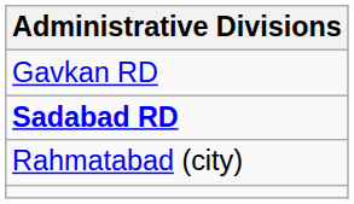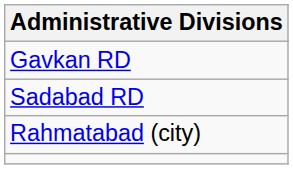 <table class="wikitable">
 <tr>
 <th>Administrative Divisions</th>
 </tr>
 <tr>
 <td><a href='#'>Gavkan RD</a></td>
 </tr>
 <tr>
-<td><strong><a href='#'>Sadabad RD</a></strong></td>
+<td><a href='#'>Sadabad RD</a></td>
 </tr>
 <tr>
 <td><a href='#'>Rahmatabad</a> (city)</td>
 </tr>
 <tr>
 <td colspan=1></td>
 </tr>
 </table>
